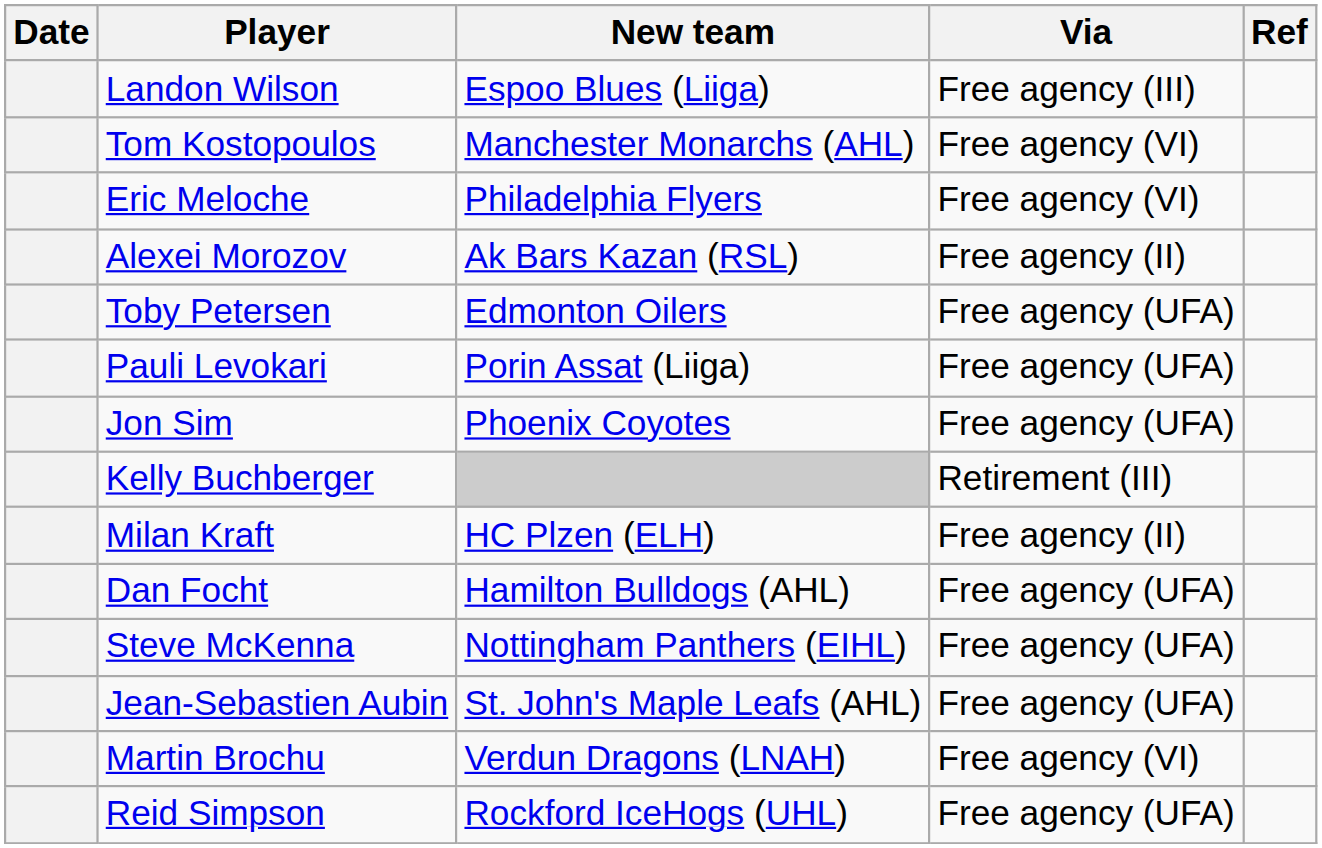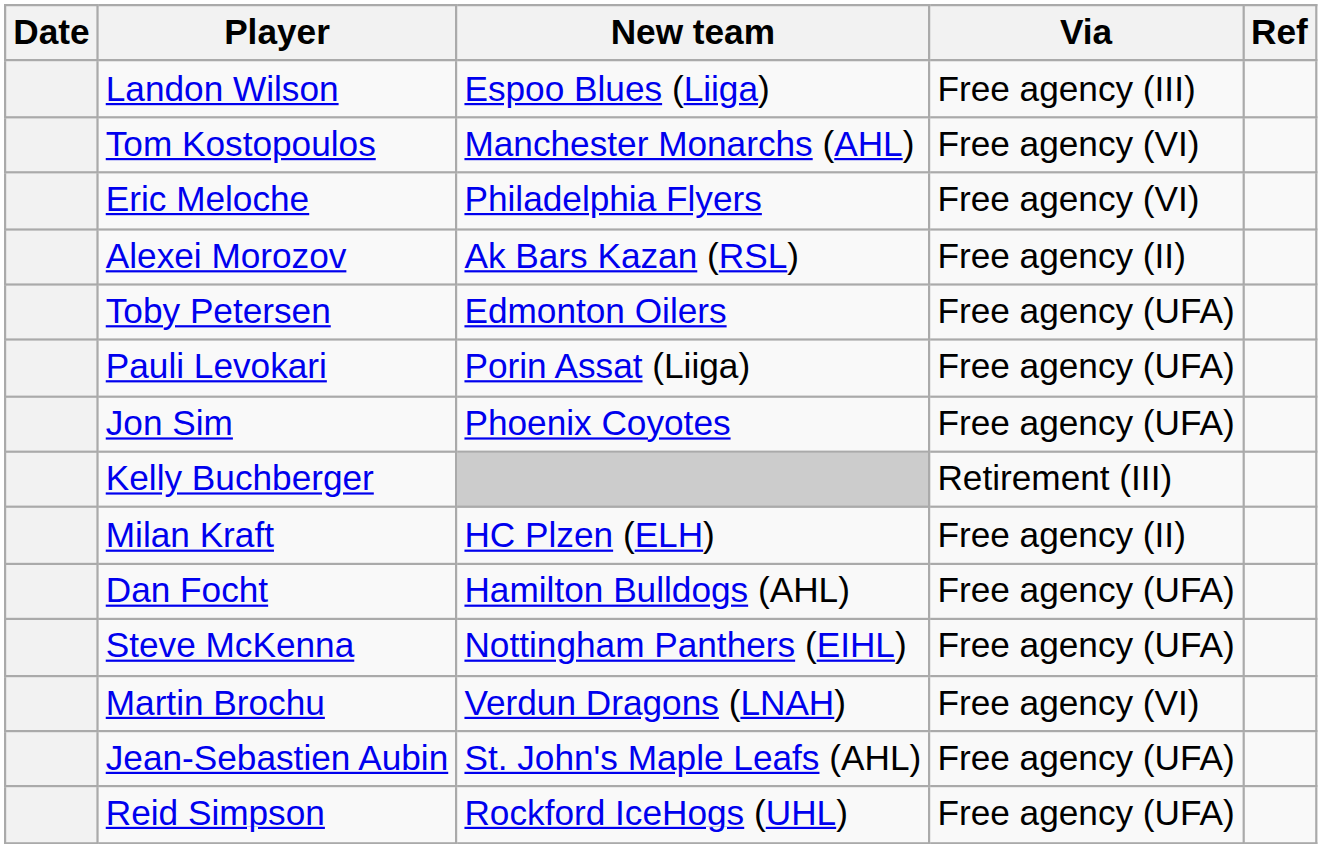 <table class="wikitable plainrowheaders">
 <tr style="background:#ddd; text-align:center;">
 <th>Date</th>
 <th>Player</th>
 <th>New team</th>
 <th>Via</th>
 <th>Ref</th>
 </tr>
 <tr>
 <th scope="row"></th>
 <td><a href='#'>Landon Wilson</a></td>
 <td><a href='#'>Espoo Blues</a> (<a href='#'>Liiga</a>)</td>
 <td>Free agency (III)</td>
 <td></td>
 </tr>
 <tr>
 <th scope="row"></th>
 <td><a href='#'>Tom Kostopoulos</a></td>
 <td><a href='#'>Manchester Monarchs</a> (<a href='#'>AHL</a>)</td>
 <td>Free agency (VI)</td>
 <td></td>
 </tr>
 <tr>
 <th scope="row"></th>
 <td><a href='#'>Eric Meloche</a></td>
 <td><a href='#'>Philadelphia Flyers</a></td>
 <td>Free agency (VI)</td>
 <td></td>
 </tr>
 <tr>
 <th scope="row"></th>
 <td><a href='#'>Alexei Morozov</a></td>
 <td><a href='#'>Ak Bars Kazan</a> (<a href='#'>RSL</a>)</td>
 <td>Free agency (II)</td>
 <td></td>
 </tr>
 <tr>
 <th scope="row"></th>
 <td><a href='#'>Toby Petersen</a></td>
 <td><a href='#'>Edmonton Oilers</a></td>
 <td>Free agency (UFA)</td>
 <td></td>
 </tr>
 <tr>
 <th scope="row"></th>
 <td><a href='#'>Pauli Levokari</a></td>
 <td><a href='#'>Porin Assat</a> (Liiga)</td>
 <td>Free agency (UFA)</td>
 <td></td>
 </tr>
 <tr>
 <th scope="row"></th>
 <td><a href='#'>Jon Sim</a></td>
 <td><a href='#'>Phoenix Coyotes</a></td>
 <td>Free agency (UFA)</td>
 <td></td>
 </tr>
 <tr>
 <th scope="row"></th>
 <td><a href='#'>Kelly Buchberger</a></td>
 <td style="background:#ccc"></td>
 <td>Retirement (III)</td>
 <td></td>
 </tr>
 <tr>
 <th scope="row"></th>
 <td><a href='#'>Milan Kraft</a></td>
 <td><a href='#'>HC Plzen</a> (<a href='#'>ELH</a>)</td>
 <td>Free agency (II)</td>
 <td></td>
 </tr>
 <tr>
 <th scope="row"></th>
 <td><a href='#'>Dan Focht</a></td>
 <td><a href='#'>Hamilton Bulldogs</a> (AHL)</td>
 <td>Free agency (UFA)</td>
 <td></td>
 </tr>
 <tr>
 <th scope="row"></th>
 <td><a href='#'>Steve McKenna</a></td>
 <td><a href='#'>Nottingham Panthers</a> (<a href='#'>EIHL</a>)</td>
 <td>Free agency (UFA)</td>
 <td></td>
 </tr>
 <tr>
 <th scope="row"></th>
-<td><a href='#'>Jean-Sebastien Aubin</a></td>
-<td><a href='#'>St. John's Maple Leafs</a> (AHL)</td>
-<td>Free agency (UFA)</td>
+<td><a href='#'>Martin Brochu</a></td>
+<td><a href='#'>Verdun Dragons</a> (<a href='#'>LNAH</a>)</td>
+<td>Free agency (VI)</td>
 <td></td>
 </tr>
 <tr>
 <th scope="row"></th>
-<td><a href='#'>Martin Brochu</a></td>
-<td><a href='#'>Verdun Dragons</a> (<a href='#'>LNAH</a>)</td>
-<td>Free agency (VI)</td>
+<td><a href='#'>Jean-Sebastien Aubin</a></td>
+<td><a href='#'>St. John's Maple Leafs</a> (AHL)</td>
+<td>Free agency (UFA)</td>
 <td></td>
 </tr>
 <tr>
 <th scope="row"></th>
 <td><a href='#'>Reid Simpson</a></td>
 <td><a href='#'>Rockford IceHogs</a> (<a href='#'>UHL</a>)</td>
 <td>Free agency (UFA)</td>
 <td></td>
 </tr>
 </table>
